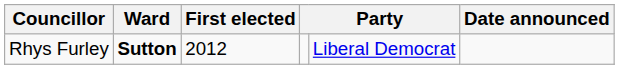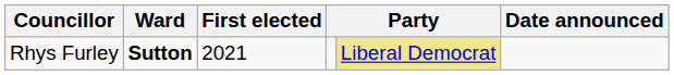 <table class="wikitable sortable">
 <tr>
 <th scope="col">Councillor</th>
 <th scope="col">Ward</th>
 <th scope="col">First elected</th>
 <th colspan="2" scope="col">Party</th>
 <th scope="col">Date announced</th>
 </tr>
 <tr>
 <td>Rhys Furley</td>
 <td><strong>Sutton</strong></td>
-<td>2012</td>
+<td>2021</td>
 <td style="background:"></td>
-<td><a href='#'>Liberal Democrat</a></td>
+<td style="background: khaki;"><a href='#'>Liberal Democrat</a></td>
 </tr>
 </table>
